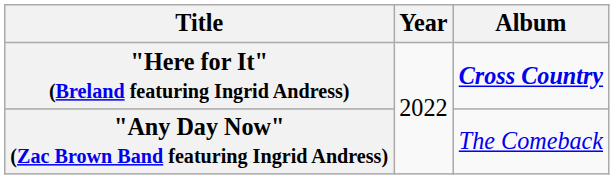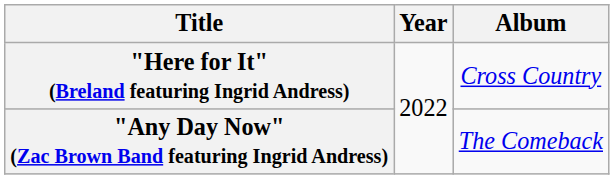 <table class="wikitable plainrowheaders" style="text-align:center;">
 <tr>
 <th>Title</th>
 <th>Year</th>
 <th>Album</th>
 </tr>
 <tr>
 <th scope="row">"Here for It"<br><small>(<a href='#'>Breland</a> featuring Ingrid Andress)</small></th>
 <td rowspan="2">2022</td>
-<td><strong><em><a href='#'>Cross Country</a></em></strong></td>
+<td><em><a href='#'>Cross Country</a></em></td>
 </tr>
 <tr>
 <th scope="row">"Any Day Now"<br><small>(<a href='#'>Zac Brown Band</a> featuring Ingrid Andress)</small></th>
 <td><em><a href='#'>The Comeback</a></em></td>
 </tr>
 </table>
